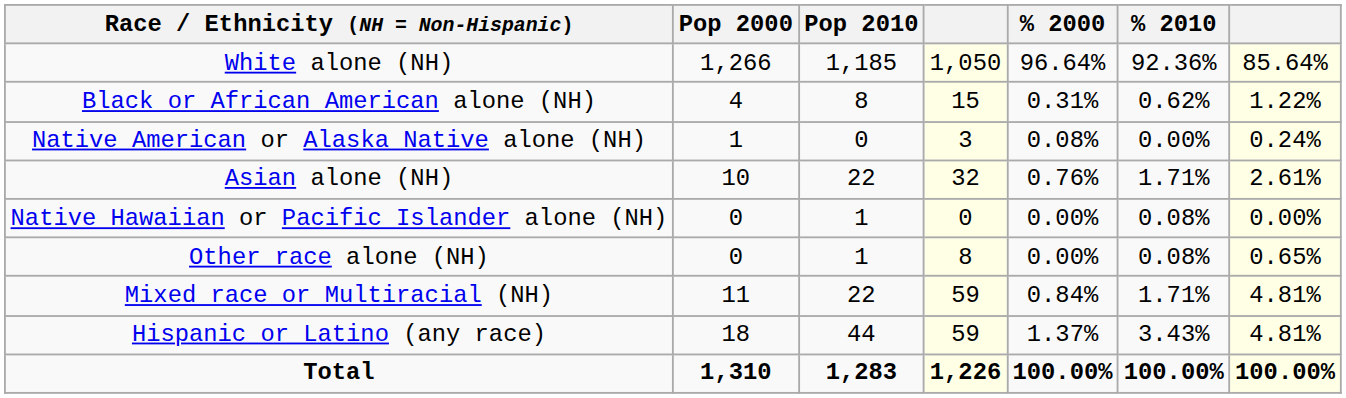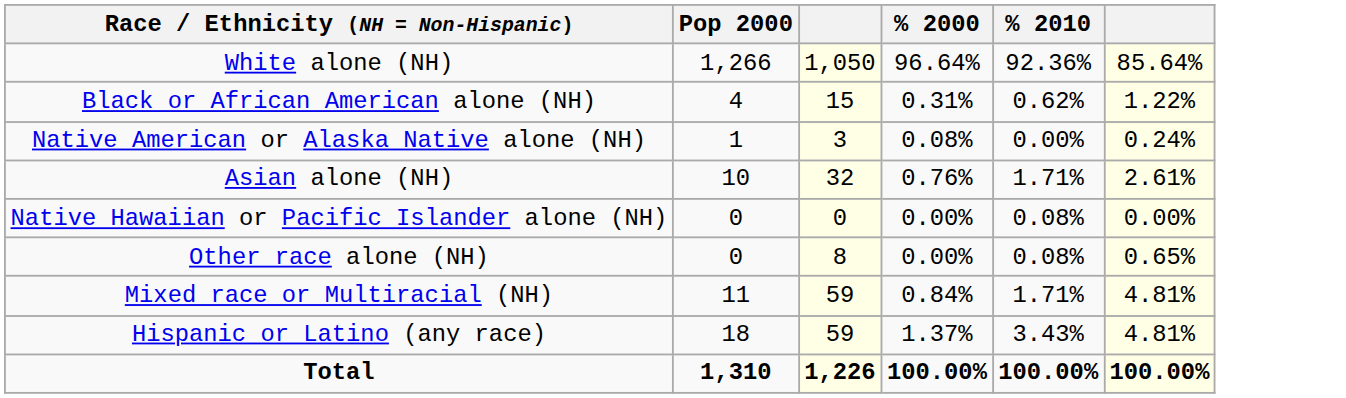 <table class="wikitable" style="text-align:center;">
 <tr>
 <th>Race / Ethnicity <small>(<em>NH = Non-Hispanic</em>)</small></th>
 <th>Pop 2000</th>
-<th>Pop 2010</th>
 <th></th>
 <th>% 2000</th>
 <th>% 2010</th>
 <th></th>
 </tr>
 <tr>
 <td><a href='#'>White</a> alone (NH)</td>
 <td>1,266</td>
-<td>1,185</td>
 <td style='background: #ffffe6;'>1,050</td>
 <td>96.64%</td>
 <td>92.36%</td>
 <td style='background: #ffffe6;'>85.64%</td>
 </tr>
 <tr>
 <td><a href='#'>Black or African American</a> alone (NH)</td>
 <td>4</td>
-<td>8</td>
 <td style='background: #ffffe6;'>15</td>
 <td>0.31%</td>
 <td>0.62%</td>
 <td style='background: #ffffe6;'>1.22%</td>
 </tr>
 <tr>
 <td><a href='#'>Native American</a> or <a href='#'>Alaska Native</a> alone (NH)</td>
 <td>1</td>
-<td>0</td>
 <td style='background: #ffffe6;'>3</td>
 <td>0.08%</td>
 <td>0.00%</td>
 <td style='background: #ffffe6;'>0.24%</td>
 </tr>
 <tr>
 <td><a href='#'>Asian</a> alone (NH)</td>
 <td>10</td>
-<td>22</td>
 <td style='background: #ffffe6;'>32</td>
 <td>0.76%</td>
 <td>1.71%</td>
 <td style='background: #ffffe6;'>2.61%</td>
 </tr>
 <tr>
 <td><a href='#'>Native Hawaiian</a> or <a href='#'>Pacific Islander</a> alone (NH)</td>
 <td>0</td>
-<td>1</td>
 <td style='background: #ffffe6;'>0</td>
 <td>0.00%</td>
 <td>0.08%</td>
 <td style='background: #ffffe6;'>0.00%</td>
 </tr>
 <tr>
 <td><a href='#'>Other race</a> alone (NH)</td>
 <td>0</td>
-<td>1</td>
 <td style='background: #ffffe6;'>8</td>
 <td>0.00%</td>
 <td>0.08%</td>
 <td style='background: #ffffe6;'>0.65%</td>
 </tr>
 <tr>
 <td><a href='#'>Mixed race or Multiracial</a> (NH)</td>
 <td>11</td>
-<td>22</td>
 <td style='background: #ffffe6;'>59</td>
 <td>0.84%</td>
 <td>1.71%</td>
 <td style='background: #ffffe6;'>4.81%</td>
 </tr>
 <tr>
 <td><a href='#'>Hispanic or Latino</a> (any race)</td>
 <td>18</td>
-<td>44</td>
 <td style='background: #ffffe6;'>59</td>
 <td>1.37%</td>
 <td>3.43%</td>
 <td style='background: #ffffe6;'>4.81%</td>
 </tr>
 <tr>
 <td><strong>Total</strong></td>
 <td><strong>1,310</strong></td>
-<td><strong>1,283</strong></td>
 <td style='background: #ffffe6;'><strong>1,226</strong></td>
 <td><strong>100.00%</strong></td>
 <td><strong>100.00%</strong></td>
 <td style='background: #ffffe6;'><strong>100.00%</strong></td>
 </tr>
 </table>
